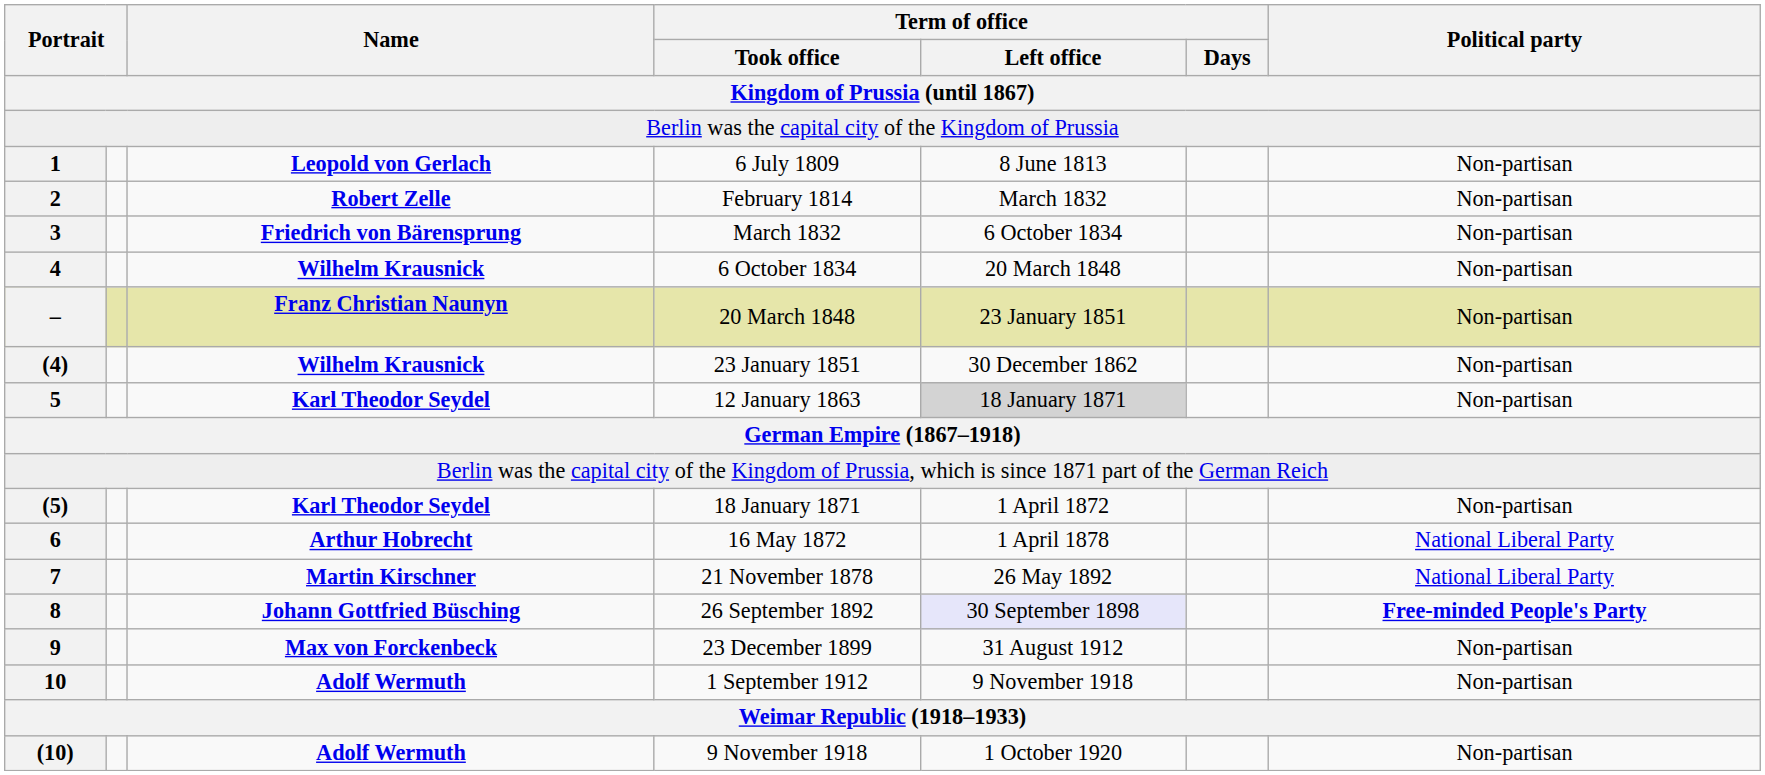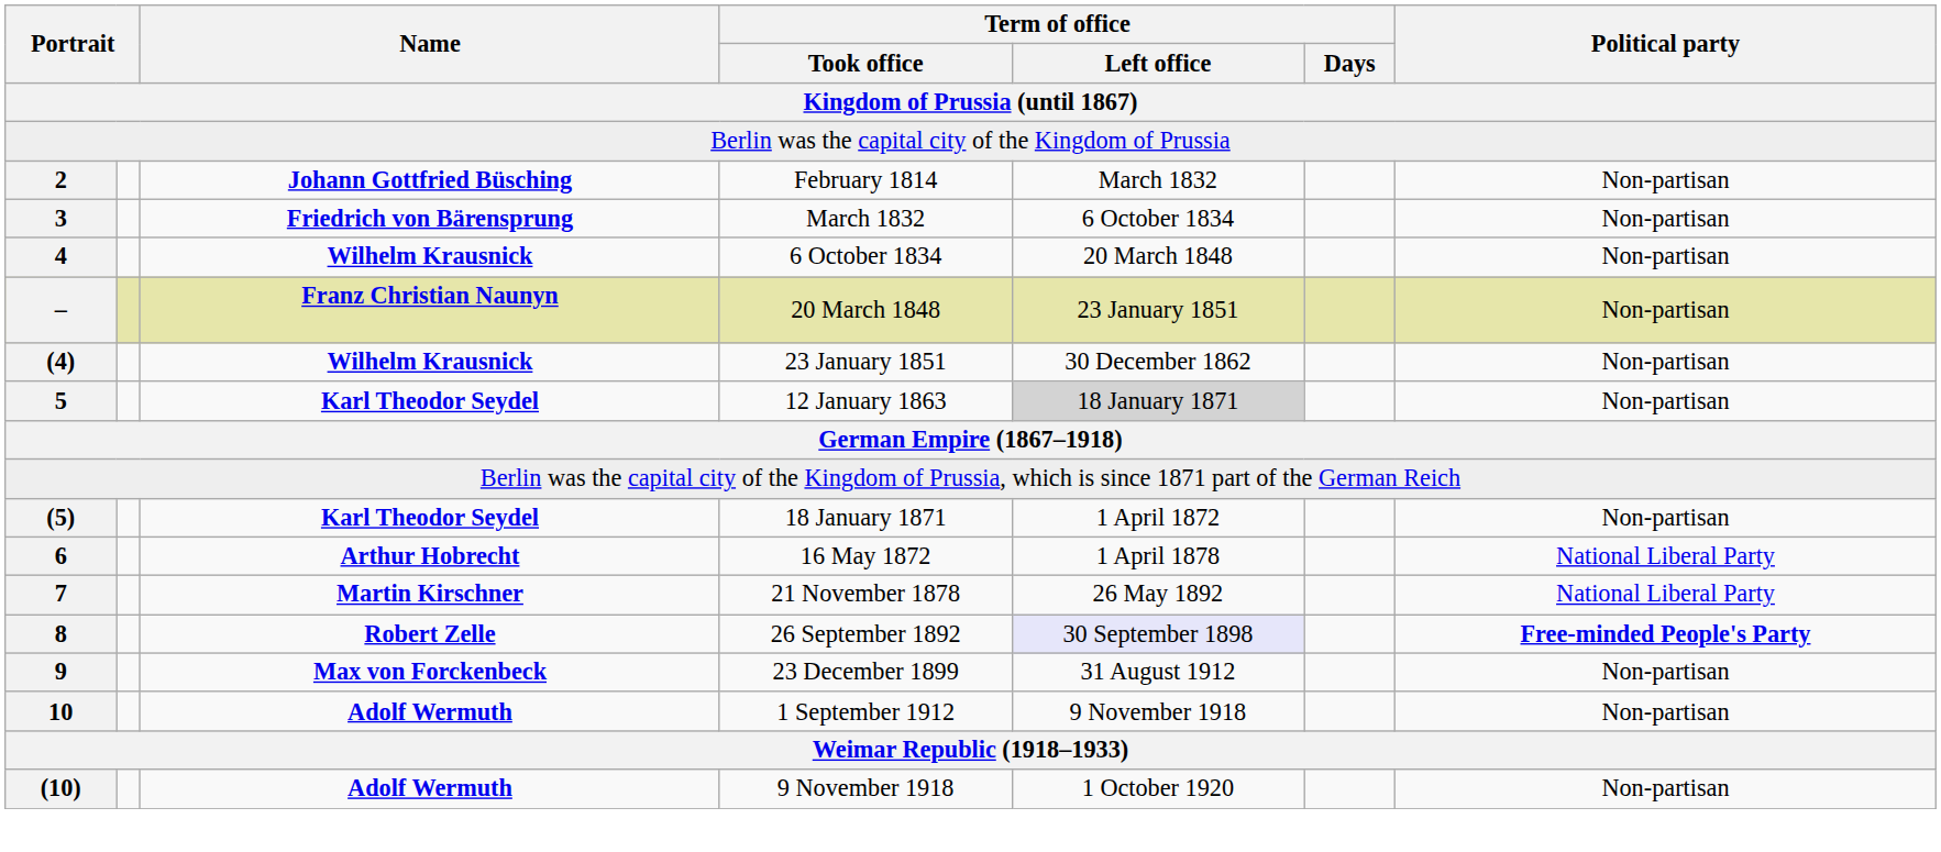 <table class="wikitable" style="text-align:center; width:100%; border:1px #AAAAFF solid">
 <tr>
 <th width=80px rowspan=2 colspan=2>Portrait</th>
 <th width=30% rowspan=2>Name<br></th>
 <th width=35% colspan=3>Term of office</th>
 <th width=28% rowspan=2>Political party</th>
 </tr>
 <tr>
 <th>Took office</th>
 <th>Left office</th>
 <th>Days</th>
 </tr>
 <tr>
 <th colspan="7"><a href='#'>Kingdom of Prussia</a> (until 1867)</th>
 </tr>
 <tr>
 <td bgcolor=#EEEEEE colspan=7><a href='#'>Berlin</a> was the <a href='#'>capital city</a>  of the <a href='#'>Kingdom of Prussia</a></td>
 </tr>
 <tr>
-<th style="background:">1</th>
-<td></td>
-<td><strong><a href='#'>Leopold von Gerlach</a></strong><br></td>
-<td>6 July 1809</td>
-<td>8 June 1813</td>
-<td></td>
-<td>Non-partisan</td>
-</tr>
-<tr>
 <th style="background:">2</th>
 <td></td>
-<td><strong><a href='#'>Robert Zelle</a></strong><br></td>
+<td><strong><a href='#'>Johann Gottfried Büsching</a></strong><br></td>
 <td>February 1814</td>
 <td>March 1832</td>
 <td></td>
 <td>Non-partisan</td>
 </tr>
 <tr>
 <th style="background:">3</th>
 <td></td>
 <td><strong><a href='#'>Friedrich von Bärensprung</a></strong><br></td>
 <td>March 1832</td>
 <td>6 October 1834</td>
 <td></td>
 <td>Non-partisan</td>
 </tr>
 <tr>
 <th style="background:">4</th>
 <td></td>
 <td><strong><a href='#'>Wilhelm Krausnick</a></strong><br></td>
 <td>6 October 1834</td>
 <td>20 March 1848</td>
 <td></td>
 <td>Non-partisan</td>
 </tr>
 <tr style="background-color: #E6E6AA" |>
 <th style="background:">–</th>
 <td></td>
 <td><strong><a href='#'>Franz Christian Naunyn</a></strong><br><br></td>
 <td>20 March 1848</td>
 <td>23 January 1851</td>
 <td></td>
 <td>Non-partisan</td>
 </tr>
 <tr>
 <th style="background:">(4)</th>
 <td></td>
 <td><strong><a href='#'>Wilhelm Krausnick</a></strong><br></td>
 <td>23 January 1851</td>
 <td>30 December 1862</td>
 <td></td>
 <td>Non-partisan</td>
 </tr>
 <tr>
 <th style="background:">5</th>
 <td></td>
 <td><strong><a href='#'>Karl Theodor Seydel</a></strong><br></td>
 <td>12 January 1863</td>
 <td style="background: lightgrey;">18 January 1871</td>
 <td></td>
 <td>Non-partisan</td>
 </tr>
 <tr>
 <th colspan="7"><a href='#'>German Empire</a> (1867–1918)</th>
 </tr>
 <tr>
 <td bgcolor=#EEEEEE colspan=7><a href='#'>Berlin</a> was the <a href='#'>capital city</a>  of the <a href='#'>Kingdom of Prussia</a>, which is since 1871 part of the <a href='#'>German Reich</a></td>
 </tr>
 <tr>
 <th style="background:">(5)</th>
 <td></td>
 <td><strong><a href='#'>Karl Theodor Seydel</a></strong><br></td>
 <td>18 January 1871</td>
 <td>1 April 1872</td>
 <td></td>
 <td>Non-partisan</td>
 </tr>
 <tr>
 <th style="background:">6</th>
 <td></td>
 <td><strong><a href='#'>Arthur Hobrecht</a></strong><br></td>
 <td>16 May 1872</td>
 <td>1 April 1878</td>
 <td></td>
 <td><a href='#'>National Liberal Party</a></td>
 </tr>
 <tr>
 <th style="background:">7</th>
 <td></td>
 <td><strong><a href='#'>Martin Kirschner</a></strong><br></td>
 <td>21 November 1878</td>
 <td>26 May 1892</td>
 <td></td>
 <td><a href='#'>National Liberal Party</a></td>
 </tr>
 <tr>
 <th style="background:">8</th>
 <td></td>
-<td><strong><a href='#'>Johann Gottfried Büsching</a></strong><br></td>
+<td><strong><a href='#'>Robert Zelle</a></strong><br></td>
 <td>26 September 1892</td>
 <td style="background: lavender;">30 September 1898</td>
 <td></td>
 <td><strong><a href='#'>Free-minded People's Party</a></strong></td>
 </tr>
 <tr>
 <th style="background:">9</th>
 <td></td>
 <td><strong><a href='#'>Max von Forckenbeck</a></strong><br></td>
 <td>23 December 1899</td>
 <td>31 August 1912</td>
 <td></td>
 <td>Non-partisan</td>
 </tr>
 <tr>
 <th style="background:">10</th>
 <td></td>
 <td><strong><a href='#'>Adolf Wermuth</a></strong><br></td>
 <td>1 September 1912</td>
 <td>9 November 1918</td>
 <td></td>
 <td>Non-partisan</td>
 </tr>
 <tr>
 <th colspan="7"><a href='#'>Weimar Republic</a> (1918–1933)</th>
 </tr>
 <tr>
 <th style="background:">(10)</th>
 <td></td>
 <td><strong><a href='#'>Adolf Wermuth</a></strong><br></td>
 <td>9 November 1918</td>
 <td>1 October 1920</td>
 <td></td>
 <td>Non-partisan</td>
 </tr>
 </table>
